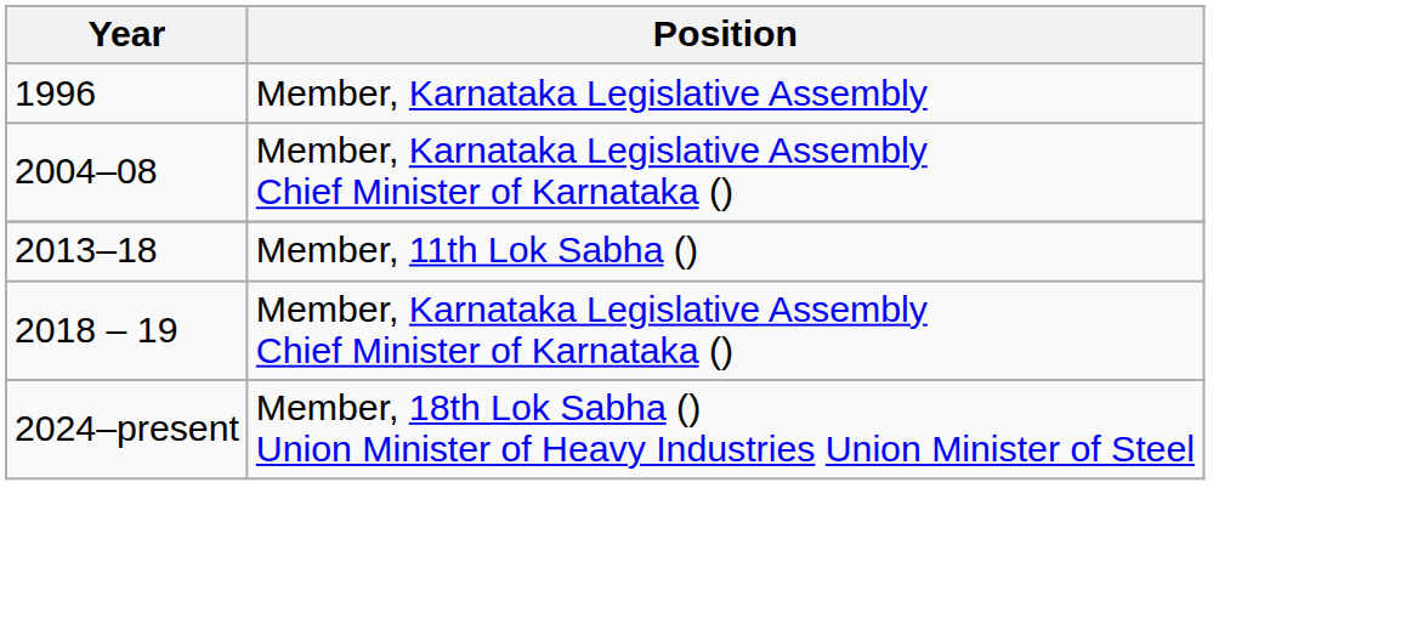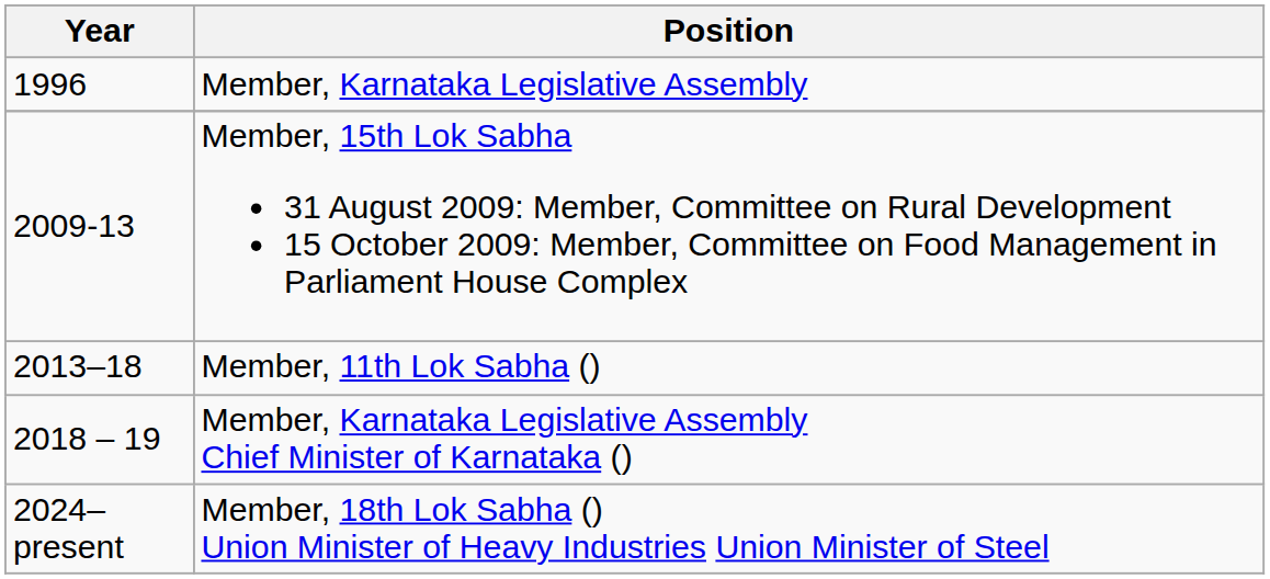 <table class="wikitable">
 <tr>
 <th>Year</th>
 <th>Position</th>
 </tr>
 <tr>
 <td>1996</td>
 <td>Member, <a href='#'>Karnataka Legislative Assembly</a></td>
 </tr>
 <tr>
-<td>2004–08</td>
-<td>Member, <a href='#'>Karnataka Legislative Assembly</a><br><a href='#'>Chief Minister of Karnataka</a> ()</td>
 </tr>
 <tr>
+<td>2009-13</td>
+<td>Member, <a href='#'>15th Lok Sabha</a><br><ul><li>31 August 2009: Member, Committee on Rural Development</li><li>15 October 2009: Member, Committee on Food Management in Parliament House Complex</li></ul></td>
 </tr>
 <tr>
 <td>2013–18</td>
 <td>Member, <a href='#'>11th Lok Sabha</a> ()</td>
 </tr>
 <tr>
 <td>2018 – 19</td>
 <td>Member, <a href='#'>Karnataka Legislative Assembly</a><br><a href='#'>Chief Minister of Karnataka</a> ()</td>
 </tr>
 <tr>
 <td>2024–present</td>
 <td>Member, <a href='#'>18th Lok Sabha</a> ()<br><a href='#'>Union Minister of Heavy Industries</a> <a href='#'>Union Minister of Steel</a></td>
 </tr>
 </table>
